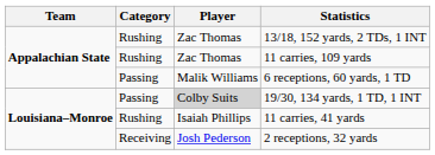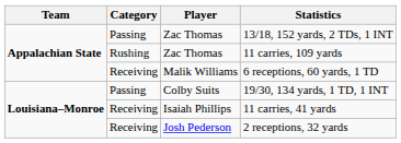 <table class="wikitable" style="float: left;">
 <tr>
 <th>Team</th>
 <th>Category</th>
 <th>Player</th>
 <th>Statistics</th>
 </tr>
 <tr>
 <td rowspan=3><strong>Appalachian State</strong></td>
-<td>Rushing</td>
+<td>Passing</td>
 <td>Zac Thomas</td>
 <td>13/18, 152 yards, 2 TDs, 1 INT</td>
 </tr>
 <tr>
 <td>Rushing</td>
 <td>Zac Thomas</td>
 <td>11 carries, 109 yards</td>
 </tr>
 <tr>
-<td>Passing</td>
+<td>Receiving</td>
 <td>Malik Williams</td>
 <td>6 receptions, 60 yards, 1 TD</td>
 </tr>
 <tr>
 <td rowspan=3><strong>Louisiana–Monroe</strong></td>
 <td>Passing</td>
-<td style="background: lightgrey;">Colby Suits</td>
+<td>Colby Suits</td>
 <td>19/30, 134 yards, 1 TD, 1 INT</td>
 </tr>
 <tr>
-<td>Rushing</td>
+<td>Receiving</td>
 <td>Isaiah Phillips</td>
 <td>11 carries, 41 yards</td>
 </tr>
 <tr>
 <td>Receiving</td>
 <td><a href='#'>Josh Pederson</a></td>
 <td>2 receptions, 32 yards</td>
 </tr>
 </table>
